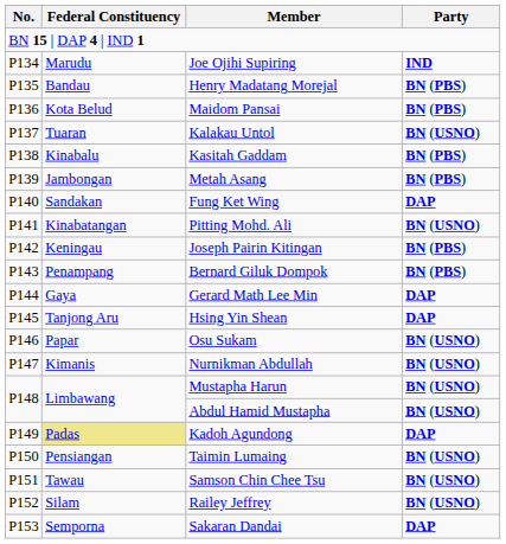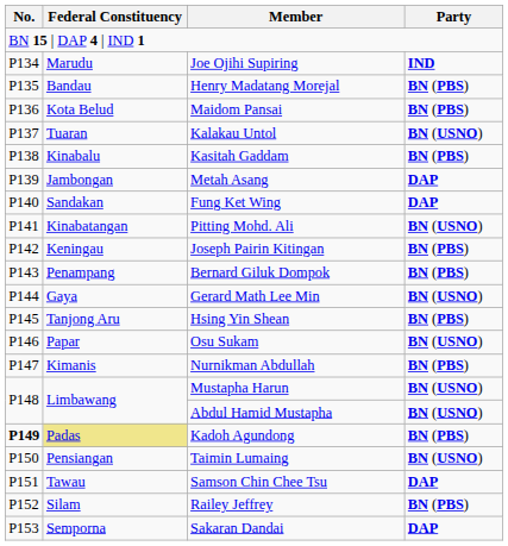 <table class="wikitable sortable">
 <tr>
 <th style="width:30px;">No.</th>
 <th style="width:150px;">Federal Constituency</th>
 <th style="width:230px;">Member</th>
 <th style="width:100px;">Party</th>
 </tr>
 <tr>
 <td colspan="4"><a href='#'>BN</a> <strong>15</strong> | <a href='#'>DAP</a> <strong>4</strong> | <a href='#'>IND</a> <strong>1</strong></td>
 </tr>
 <tr>
 <td>P134</td>
 <td><a href='#'>Marudu</a></td>
 <td><a href='#'>Joe Ojihi Supiring</a></td>
 <td><strong><a href='#'>IND</a></strong></td>
 </tr>
 <tr>
 <td>P135</td>
 <td><a href='#'>Bandau</a></td>
 <td><a href='#'>Henry Madatang Morejal</a></td>
 <td><strong><a href='#'>BN</a></strong> (<strong><a href='#'>PBS</a></strong>)</td>
 </tr>
 <tr>
 <td>P136</td>
 <td><a href='#'>Kota Belud</a></td>
 <td><a href='#'>Maidom Pansai</a></td>
 <td><strong><a href='#'>BN</a></strong> (<strong><a href='#'>PBS</a></strong>)</td>
 </tr>
 <tr>
 <td>P137</td>
 <td><a href='#'>Tuaran</a></td>
 <td><a href='#'>Kalakau Untol</a></td>
 <td><strong><a href='#'>BN</a></strong> (<strong><a href='#'>USNO</a></strong>)</td>
 </tr>
 <tr>
 <td>P138</td>
 <td><a href='#'>Kinabalu</a></td>
 <td><a href='#'>Kasitah Gaddam</a></td>
 <td><strong><a href='#'>BN</a></strong> (<strong><a href='#'>PBS</a></strong>)</td>
 </tr>
 <tr>
 <td>P139</td>
 <td><a href='#'>Jambongan</a></td>
 <td><a href='#'>Metah Asang</a></td>
-<td><strong><a href='#'>BN</a></strong> (<strong><a href='#'>PBS</a></strong>)</td>
+<td><strong><a href='#'>DAP</a></strong></td>
 </tr>
 <tr>
 <td>P140</td>
 <td><a href='#'>Sandakan</a></td>
 <td><a href='#'>Fung Ket Wing</a></td>
 <td><strong><a href='#'>DAP</a></strong></td>
 </tr>
 <tr>
 <td>P141</td>
 <td><a href='#'>Kinabatangan</a></td>
 <td><a href='#'>Pitting Mohd. Ali</a></td>
 <td><strong><a href='#'>BN</a></strong> (<strong><a href='#'>USNO</a></strong>)</td>
 </tr>
 <tr>
 <td>P142</td>
 <td><a href='#'>Keningau</a></td>
 <td><a href='#'>Joseph Pairin Kitingan</a></td>
 <td><strong><a href='#'>BN</a></strong> (<strong><a href='#'>PBS</a></strong>)</td>
 </tr>
 <tr>
 <td>P143</td>
 <td><a href='#'>Penampang</a></td>
 <td><a href='#'>Bernard Giluk Dompok</a></td>
 <td><strong><a href='#'>BN</a></strong> (<strong><a href='#'>PBS</a></strong>)</td>
 </tr>
 <tr>
 <td>P144</td>
 <td><a href='#'>Gaya</a></td>
 <td><a href='#'>Gerard Math Lee Min</a></td>
-<td><strong><a href='#'>DAP</a></strong></td>
+<td><strong><a href='#'>BN</a></strong> (<strong><a href='#'>USNO</a></strong>)</td>
 </tr>
 <tr>
 <td>P145</td>
 <td><a href='#'>Tanjong Aru</a></td>
 <td><a href='#'>Hsing Yin Shean</a></td>
-<td><strong><a href='#'>DAP</a></strong></td>
+<td><strong><a href='#'>BN</a></strong> (<strong><a href='#'>PBS</a></strong>)</td>
 </tr>
 <tr>
 <td>P146</td>
 <td><a href='#'>Papar</a></td>
 <td><a href='#'>Osu Sukam</a></td>
 <td><strong><a href='#'>BN</a></strong> (<strong><a href='#'>USNO</a></strong>)</td>
 </tr>
 <tr>
 <td>P147</td>
 <td><a href='#'>Kimanis</a></td>
 <td><a href='#'>Nurnikman Abdullah</a></td>
-<td><strong><a href='#'>BN</a></strong> (<strong><a href='#'>USNO</a></strong>)</td>
+<td><strong><a href='#'>BN</a></strong> (<strong><a href='#'>PBS</a></strong>)</td>
 </tr>
 <tr>
 <td rowspan=2>P148</td>
 <td rowspan=2><a href='#'>Limbawang</a></td>
 <td><a href='#'>Mustapha Harun</a> </td>
 <td><strong><a href='#'>BN</a></strong> (<strong><a href='#'>USNO</a></strong>)</td>
 </tr>
 <tr>
 <td><a href='#'>Abdul Hamid Mustapha</a> </td>
 <td><strong><a href='#'>BN</a></strong> (<strong><a href='#'>USNO</a></strong>)</td>
 </tr>
 <tr>
-<td>P149</td>
+<td><strong>P149</strong></td>
 <td style="background: khaki;"><a href='#'>Padas</a></td>
 <td><a href='#'>Kadoh Agundong</a></td>
-<td><strong><a href='#'>DAP</a></strong></td>
+<td><strong><a href='#'>BN</a></strong> (<strong><a href='#'>PBS</a></strong>)</td>
 </tr>
 <tr>
 <td>P150</td>
 <td><a href='#'>Pensiangan</a></td>
 <td><a href='#'>Taimin Lumaing</a></td>
 <td><strong><a href='#'>BN</a></strong> (<strong><a href='#'>USNO</a></strong>)</td>
 </tr>
 <tr>
 <td>P151</td>
 <td><a href='#'>Tawau</a></td>
 <td><a href='#'>Samson Chin Chee Tsu</a></td>
-<td><strong><a href='#'>BN</a></strong> (<strong><a href='#'>USNO</a></strong>)</td>
+<td><strong><a href='#'>DAP</a></strong></td>
 </tr>
 <tr>
 <td>P152</td>
 <td><a href='#'>Silam</a></td>
 <td><a href='#'>Railey Jeffrey</a></td>
-<td><strong><a href='#'>BN</a></strong> (<strong><a href='#'>USNO</a></strong>)</td>
+<td><strong><a href='#'>BN</a></strong> (<strong><a href='#'>PBS</a></strong>)</td>
 </tr>
 <tr>
 <td>P153</td>
 <td><a href='#'>Semporna</a></td>
 <td><a href='#'>Sakaran Dandai</a></td>
 <td><strong><a href='#'>DAP</a></strong></td>
 </tr>
 </table>
